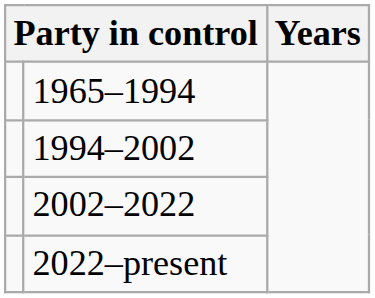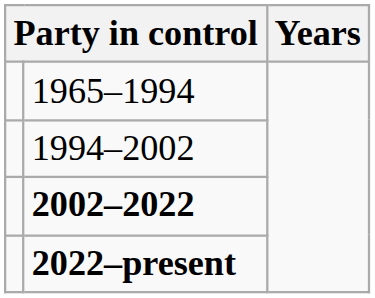 <table class="wikitable">
 <tr>
 <th colspan="2">Party in control</th>
 <th>Years</th>
 </tr>
 <tr>
 <td></td>
 <td>1965–1994</td>
 </tr>
 <tr>
 <td></td>
 <td>1994–2002</td>
 </tr>
 <tr>
 <td></td>
-<td>2002–2022</td>
+<td><strong>2002–2022</strong></td>
 </tr>
 <tr>
 <td></td>
-<td>2022–present</td>
+<td><strong>2022–present</strong></td>
 </tr>
 </table>
